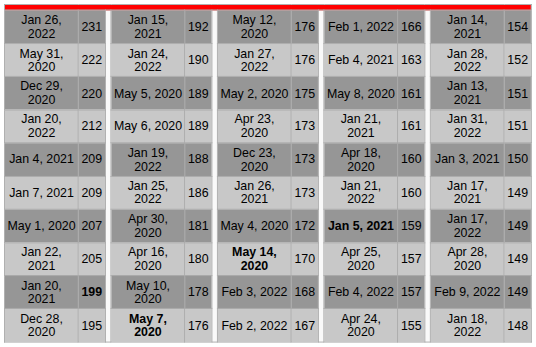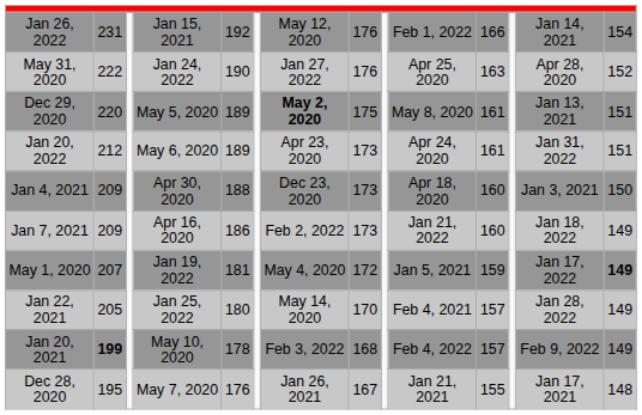 <table class="wikitable" style="text-align:center; text:#FFFFFF; font-size:85%">
 <tr>
 <th colspan=20 style="background:#FF0000"></th>
 </tr>
 <tr>
 <td style="background:#969696" width="75">Jan 26, 2022</td>
 <td style="background:#969696" width="20">231</td>
 <td rowspan="11"></td>
 <td style="background:#969696" width=75>Jan 15, 2021</td>
 <td style="background:#969696" width="20">192</td>
 <td rowspan="11"></td>
 <td style="background:#969696" width=75>May 12, 2020</td>
 <td style="background:#969696" width="20">176</td>
 <td rowspan="11"></td>
 <td style="background:#969696" width=75>Feb 1, 2022</td>
 <td style="background:#969696" width="20">166</td>
 <td rowspan="11"></td>
 <td style="background:#969696" width=75>Jan 14, 2021</td>
 <td style="background:#969696" width="20">154</td>
 </tr>
 <tr>
 <td style="background:#C8C8C8" width="75">May 31, 2020</td>
 <td style="background:#C8C8C8" width="20">222</td>
 <td style="background:#C8C8C8" width="75">Jan 24, 2022</td>
 <td style="background:#C8C8C8" width="20">190</td>
 <td style="background:#C8C8C8" width="75">Jan 27, 2022</td>
 <td style="background:#C8C8C8" width="20">176</td>
-<td style="background:#C8C8C8" width="75">Feb 4, 2021</td>
+<td style="background:#C8C8C8" width="75">Apr 25, 2020</td>
 <td style="background:#C8C8C8" width="20">163</td>
-<td style="background:#C8C8C8" width="75">Jan 28, 2022</td>
+<td style="background:#C8C8C8" width="75">Apr 28, 2020</td>
 <td style="background:#C8C8C8" width="20">152</td>
 </tr>
 <tr>
 <td style="background:#969696" width="75">Dec 29, 2020</td>
 <td style="background:#969696" width="20">220</td>
 <td style="background:#969696" width="75">May 5, 2020</td>
 <td style="background:#969696" width="20">189</td>
-<td style="background:#969696" width="75">May 2, 2020</td>
+<td style="background:#969696" width="75"><strong>May 2, 2020</strong></td>
 <td style="background:#969696" width="20">175</td>
 <td style="background:#969696" width="75">May 8, 2020</td>
 <td style="background:#969696" width="20">161</td>
 <td style="background:#969696" width="75">Jan 13, 2021</td>
 <td style="background:#969696" width="20">151</td>
 </tr>
 <tr>
 <td style="background:#C8C8C8" width="75">Jan 20, 2022</td>
 <td style="background:#C8C8C8" width="20">212</td>
 <td style="background:#C8C8C8" width="75">May 6, 2020</td>
 <td style="background:#C8C8C8" width="20">189</td>
 <td style="background:#C8C8C8" width="75">Apr 23, 2020</td>
 <td style="background:#C8C8C8" width="20">173</td>
-<td style="background:#C8C8C8" width="75">Jan 21, 2021</td>
+<td style="background:#C8C8C8" width="75">Apr 24, 2020</td>
 <td style="background:#C8C8C8" width="20">161</td>
 <td style="background:#C8C8C8" width="75">Jan 31, 2022</td>
 <td style="background:#C8C8C8" width="20">151</td>
 </tr>
 <tr>
 <td style="background:#969696" width="75">Jan 4, 2021</td>
 <td style="background:#969696" width="20">209</td>
-<td style="background:#969696" width="75">Jan 19, 2022</td>
+<td style="background:#969696" width="75">Apr 30, 2020</td>
 <td style="background:#969696" width="20">188</td>
 <td style="background:#969696" width="75">Dec 23, 2020</td>
 <td style="background:#969696" width="20">173</td>
 <td style="background:#969696" width="75">Apr 18, 2020</td>
 <td style="background:#969696" width="20">160</td>
 <td style="background:#969696" width="75">Jan 3, 2021</td>
 <td style="background:#969696" width="20">150</td>
 </tr>
 <tr>
 <td style="background:#C8C8C8" width="75">Jan 7, 2021</td>
 <td style="background:#C8C8C8" width="20">209</td>
-<td style="background:#C8C8C8" width="75">Jan 25, 2022</td>
+<td style="background:#C8C8C8" width="75">Apr 16, 2020</td>
 <td style="background:#C8C8C8" width="20">186</td>
-<td style="background:#C8C8C8" width="75">Jan 26, 2021</td>
+<td style="background:#C8C8C8" width="75">Feb 2, 2022</td>
 <td style="background:#C8C8C8" width="20">173</td>
 <td style="background:#C8C8C8" width="75">Jan 21, 2022</td>
 <td style="background:#C8C8C8" width="20">160</td>
-<td style="background:#C8C8C8" width="75">Jan 17, 2021</td>
+<td style="background:#C8C8C8" width="75">Jan 18, 2022</td>
 <td style="background:#C8C8C8" width="20">149</td>
 </tr>
 <tr>
 <td style="background:#969696" width="75">May 1, 2020</td>
 <td style="background:#969696" width="20">207</td>
-<td style="background:#969696" width="75">Apr 30, 2020</td>
+<td style="background:#969696" width="75">Jan 19, 2022</td>
 <td style="background:#969696" width="20">181</td>
 <td style="background:#969696" width="75">May 4, 2020</td>
 <td style="background:#969696" width="20">172</td>
-<td style="background:#969696" width="75"><strong>Jan 5, 2021</strong></td>
+<td style="background:#969696" width="75">Jan 5, 2021</td>
 <td style="background:#969696" width="20">159</td>
 <td style="background:#969696" width="75">Jan 17, 2022</td>
-<td style="background:#969696" width="20">149</td>
+<td style="background:#969696" width="20"><strong>149</strong></td>
 </tr>
 <tr>
 <td style="background:#C8C8C8" width="75">Jan 22, 2021</td>
 <td style="background:#C8C8C8" width="20">205</td>
-<td style="background:#C8C8C8" width="75">Apr 16, 2020</td>
+<td style="background:#C8C8C8" width="75">Jan 25, 2022</td>
 <td style="background:#C8C8C8" width="20">180</td>
-<td style="background:#C8C8C8" width="75"><strong>May 14, 2020</strong></td>
+<td style="background:#C8C8C8" width="75">May 14, 2020</td>
 <td style="background:#C8C8C8" width="20">170</td>
-<td style="background:#C8C8C8" width="75">Apr 25, 2020</td>
+<td style="background:#C8C8C8" width="75">Feb 4, 2021</td>
 <td style="background:#C8C8C8" width="20">157</td>
-<td style="background:#C8C8C8" width="75">Apr 28, 2020</td>
+<td style="background:#C8C8C8" width="75">Jan 28, 2022</td>
 <td style="background:#C8C8C8" width="20">149</td>
 </tr>
 <tr>
 <td style="background:#969696" width="75">Jan 20, 2021</td>
 <td style="background:#969696" width="20"><strong>199</strong></td>
 <td style="background:#969696" width="75">May 10, 2020</td>
 <td style="background:#969696" width="20">178</td>
 <td style="background:#969696" width="75">Feb 3, 2022</td>
 <td style="background:#969696" width="20">168</td>
 <td style="background:#969696" width="75">Feb 4, 2022</td>
 <td style="background:#969696" width="20">157</td>
 <td style="background:#969696" width="75">Feb 9, 2022</td>
 <td style="background:#969696" width="20">149</td>
 </tr>
 <tr>
 <td style="background:#C8C8C8" width="75">Dec 28, 2020</td>
 <td style="background:#C8C8C8" width="20">195</td>
-<td style="background:#C8C8C8" width="75"><strong>May 7, 2020</strong></td>
+<td style="background:#C8C8C8" width="75">May 7, 2020</td>
 <td style="background:#C8C8C8" width="20">176</td>
-<td style="background:#C8C8C8" width="75">Feb 2, 2022</td>
+<td style="background:#C8C8C8" width="75">Jan 26, 2021</td>
 <td style="background:#C8C8C8" width="20">167</td>
-<td style="background:#C8C8C8" width="75">Apr 24, 2020</td>
+<td style="background:#C8C8C8" width="75">Jan 21, 2021</td>
 <td style="background:#C8C8C8" width="20">155</td>
-<td style="background:#C8C8C8" width="75">Jan 18, 2022</td>
+<td style="background:#C8C8C8" width="75">Jan 17, 2021</td>
 <td style="background:#C8C8C8" width="20">148</td>
 </tr>
 </table>
